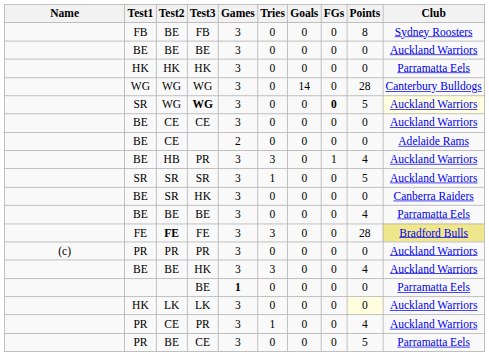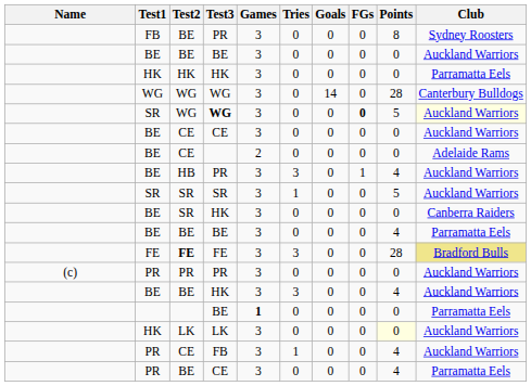 <table class="wikitable sortable" style="text-align: center;">
 <tr>
 <th style="width:10em">Name</th>
 <th>Test1</th>
 <th>Test2</th>
 <th>Test3</th>
 <th>Games</th>
 <th>Tries</th>
 <th>Goals</th>
 <th>FGs</th>
 <th>Points</th>
 <th>Club</th>
 </tr>
 <tr>
 <td></td>
 <td>FB</td>
 <td>BE</td>
-<td>FB</td>
+<td>PR</td>
 <td>3</td>
 <td>0</td>
 <td>0</td>
 <td>0</td>
 <td>8</td>
 <td><a href='#'>Sydney Roosters</a></td>
 </tr>
 <tr>
 <td></td>
 <td>BE</td>
 <td>BE</td>
 <td>BE</td>
 <td>3</td>
 <td>0</td>
 <td>0</td>
 <td>0</td>
 <td>0</td>
 <td><a href='#'>Auckland Warriors</a></td>
 </tr>
 <tr>
 <td></td>
 <td>HK</td>
 <td>HK</td>
 <td>HK</td>
 <td>3</td>
 <td>0</td>
 <td>0</td>
 <td>0</td>
 <td>0</td>
 <td><a href='#'>Parramatta Eels</a></td>
 </tr>
 <tr>
 <td></td>
 <td>WG</td>
 <td>WG</td>
 <td>WG</td>
 <td>3</td>
 <td>0</td>
 <td>14</td>
 <td>0</td>
 <td>28</td>
 <td><a href='#'>Canterbury Bulldogs</a></td>
 </tr>
 <tr>
 <td></td>
 <td>SR</td>
 <td>WG</td>
 <td><strong>WG</strong></td>
 <td>3</td>
 <td>0</td>
 <td>0</td>
 <td><strong>0</strong></td>
 <td>5</td>
 <td style="background: lightyellow;"><a href='#'>Auckland Warriors</a></td>
 </tr>
 <tr>
 <td></td>
 <td>BE</td>
 <td>CE</td>
 <td>CE</td>
 <td>3</td>
 <td>0</td>
 <td>0</td>
 <td>0</td>
 <td>0</td>
 <td><a href='#'>Auckland Warriors</a></td>
 </tr>
 <tr>
 <td></td>
 <td>BE</td>
 <td>CE</td>
 <td></td>
 <td>2</td>
 <td>0</td>
 <td>0</td>
 <td>0</td>
 <td>0</td>
 <td><a href='#'>Adelaide Rams</a></td>
 </tr>
 <tr>
 <td></td>
 <td>BE</td>
 <td>HB</td>
 <td>PR</td>
 <td>3</td>
 <td>3</td>
 <td>0</td>
 <td>1</td>
 <td>4</td>
 <td><a href='#'>Auckland Warriors</a></td>
 </tr>
 <tr>
 <td></td>
 <td>SR</td>
 <td>SR</td>
 <td>SR</td>
 <td>3</td>
 <td>1</td>
 <td>0</td>
 <td>0</td>
 <td>5</td>
 <td><a href='#'>Auckland Warriors</a></td>
 </tr>
 <tr>
 <td></td>
 <td>BE</td>
 <td>SR</td>
 <td>HK</td>
 <td>3</td>
 <td>0</td>
 <td>0</td>
 <td>0</td>
 <td>0</td>
 <td><a href='#'>Canberra Raiders</a></td>
 </tr>
 <tr>
 <td></td>
 <td>BE</td>
 <td>BE</td>
 <td>BE</td>
 <td>3</td>
 <td>0</td>
 <td>0</td>
 <td>0</td>
 <td>4</td>
 <td><a href='#'>Parramatta Eels</a></td>
 </tr>
 <tr>
 <td></td>
 <td>FE</td>
 <td><strong>FE</strong></td>
 <td>FE</td>
 <td>3</td>
 <td>3</td>
 <td>0</td>
 <td>0</td>
 <td>28</td>
 <td style="background: khaki;"><a href='#'>Bradford Bulls</a></td>
 </tr>
 <tr>
 <td> (c)</td>
 <td>PR</td>
 <td>PR</td>
 <td>PR</td>
 <td>3</td>
 <td>0</td>
 <td>0</td>
 <td>0</td>
 <td>0</td>
 <td><a href='#'>Auckland Warriors</a></td>
 </tr>
 <tr>
 <td></td>
 <td>BE</td>
 <td>BE</td>
 <td>HK</td>
 <td>3</td>
 <td>3</td>
 <td>0</td>
 <td>0</td>
 <td>4</td>
 <td><a href='#'>Auckland Warriors</a></td>
 </tr>
 <tr>
 <td></td>
 <td></td>
 <td></td>
 <td>BE</td>
 <td><strong>1</strong></td>
 <td>0</td>
 <td>0</td>
 <td>0</td>
 <td>0</td>
 <td><a href='#'>Parramatta Eels</a></td>
 </tr>
 <tr>
 <td></td>
 <td>HK</td>
 <td>LK</td>
 <td>LK</td>
 <td>3</td>
 <td>0</td>
 <td>0</td>
 <td>0</td>
 <td style="background: lightyellow;">0</td>
 <td><a href='#'>Auckland Warriors</a></td>
 </tr>
 <tr>
 <td></td>
 <td>PR</td>
 <td>CE</td>
-<td>PR</td>
+<td>FB</td>
 <td>3</td>
 <td>1</td>
 <td>0</td>
 <td>0</td>
 <td>4</td>
 <td><a href='#'>Auckland Warriors</a></td>
 </tr>
 <tr>
 <td></td>
 <td>PR</td>
 <td>BE</td>
 <td>CE</td>
 <td>3</td>
 <td>0</td>
 <td>0</td>
 <td>0</td>
-<td>5</td>
+<td>4</td>
 <td><a href='#'>Parramatta Eels</a></td>
 </tr>
 </table>
